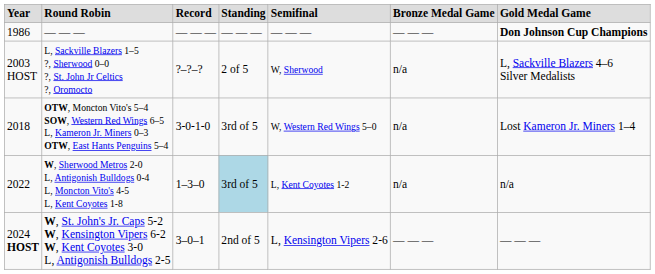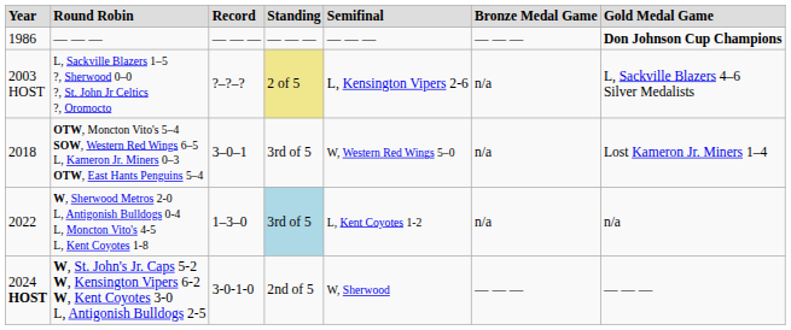 <table class="wikitable">
 <tr style="font-weight:bold; background-color:#dddddd;" |>
 <td>Year</td>
 <td>Round Robin</td>
 <td>Record</td>
 <td>Standing</td>
 <td>Semifinal</td>
 <td>Bronze Medal Game</td>
 <td>Gold Medal Game</td>
 </tr>
 <tr>
 <td>1986</td>
 <td>— — —</td>
 <td>— — —</td>
 <td>— — —</td>
 <td>— — —</td>
 <td>— — —</td>
 <td><strong>Don Johnson Cup Champions</strong></td>
 </tr>
 <tr>
 <td>2003 <br>HOST</td>
 <td><small>L, <a href='#'>Sackville Blazers</a> 1–5<br>?, <a href='#'>Sherwood</a> 0–0<br>?, <a href='#'>St. John Jr Celtics</a><br>?, <a href='#'>Oromocto</a></small></td>
 <td>?–?–?</td>
-<td>2 of 5</td>
-<td><small>W, <a href='#'>Sherwood</a></small></td>
+<td style="background: khaki;">2 of 5</td>
+<td>L, <a href='#'>Kensington Vipers</a> 2-6</td>
 <td>n/a</td>
 <td>L, <a href='#'>Sackville Blazers</a> 4–6<br>Silver Medalists</td>
 </tr>
 <tr>
 <td>2018</td>
 <td><small><strong>OTW</strong>, Moncton Vito's 5–4<br><strong>SOW</strong>, <a href='#'>Western Red Wings</a> 6–5<br>L, <a href='#'>Kameron Jr. Miners</a>  0–3<br><strong>OTW</strong>, <a href='#'>East Hants Penguins</a> 5–4</small></td>
-<td>3-0-1-0</td>
+<td>3–0–1</td>
 <td>3rd of 5</td>
 <td><small>W, <a href='#'>Western Red Wings</a> 5–0</small></td>
 <td>n/a</td>
 <td>Lost <a href='#'>Kameron Jr. Miners</a> 1–4</td>
 </tr>
 <tr>
 <td>2022</td>
 <td><small><strong>W</strong>, <a href='#'>Sherwood Metros</a> 2-0<br>L, <a href='#'>Antigonish Bulldogs</a> 0-4<br>L, <a href='#'>Moncton Vito's</a> 4-5<br>L, <a href='#'>Kent Coyotes</a> 1-8</small></td>
 <td>1–3–0</td>
 <td style="background: lightblue;">3rd of 5</td>
 <td><small>L, <a href='#'>Kent Coyotes</a> 1-2</small></td>
 <td>n/a</td>
 <td>n/a</td>
 </tr>
 <tr>
 <td>2024 <br><strong>HOST</strong></td>
 <td><strong>W</strong>, <a href='#'>St. John's Jr. Caps</a> 5-2<br><strong>W</strong>, <a href='#'>Kensington Vipers</a> 6-2 <br><strong>W</strong>, <a href='#'>Kent Coyotes</a> 3-0 <br>L, <a href='#'>Antigonish Bulldogs</a> 2-5</td>
-<td>3–0–1</td>
+<td>3-0-1-0</td>
 <td>2nd of 5</td>
-<td>L, <a href='#'>Kensington Vipers</a> 2-6</td>
+<td><small>W, <a href='#'>Sherwood</a></small></td>
 <td>— — —</td>
 <td>— — —</td>
 </tr>
 </table>
